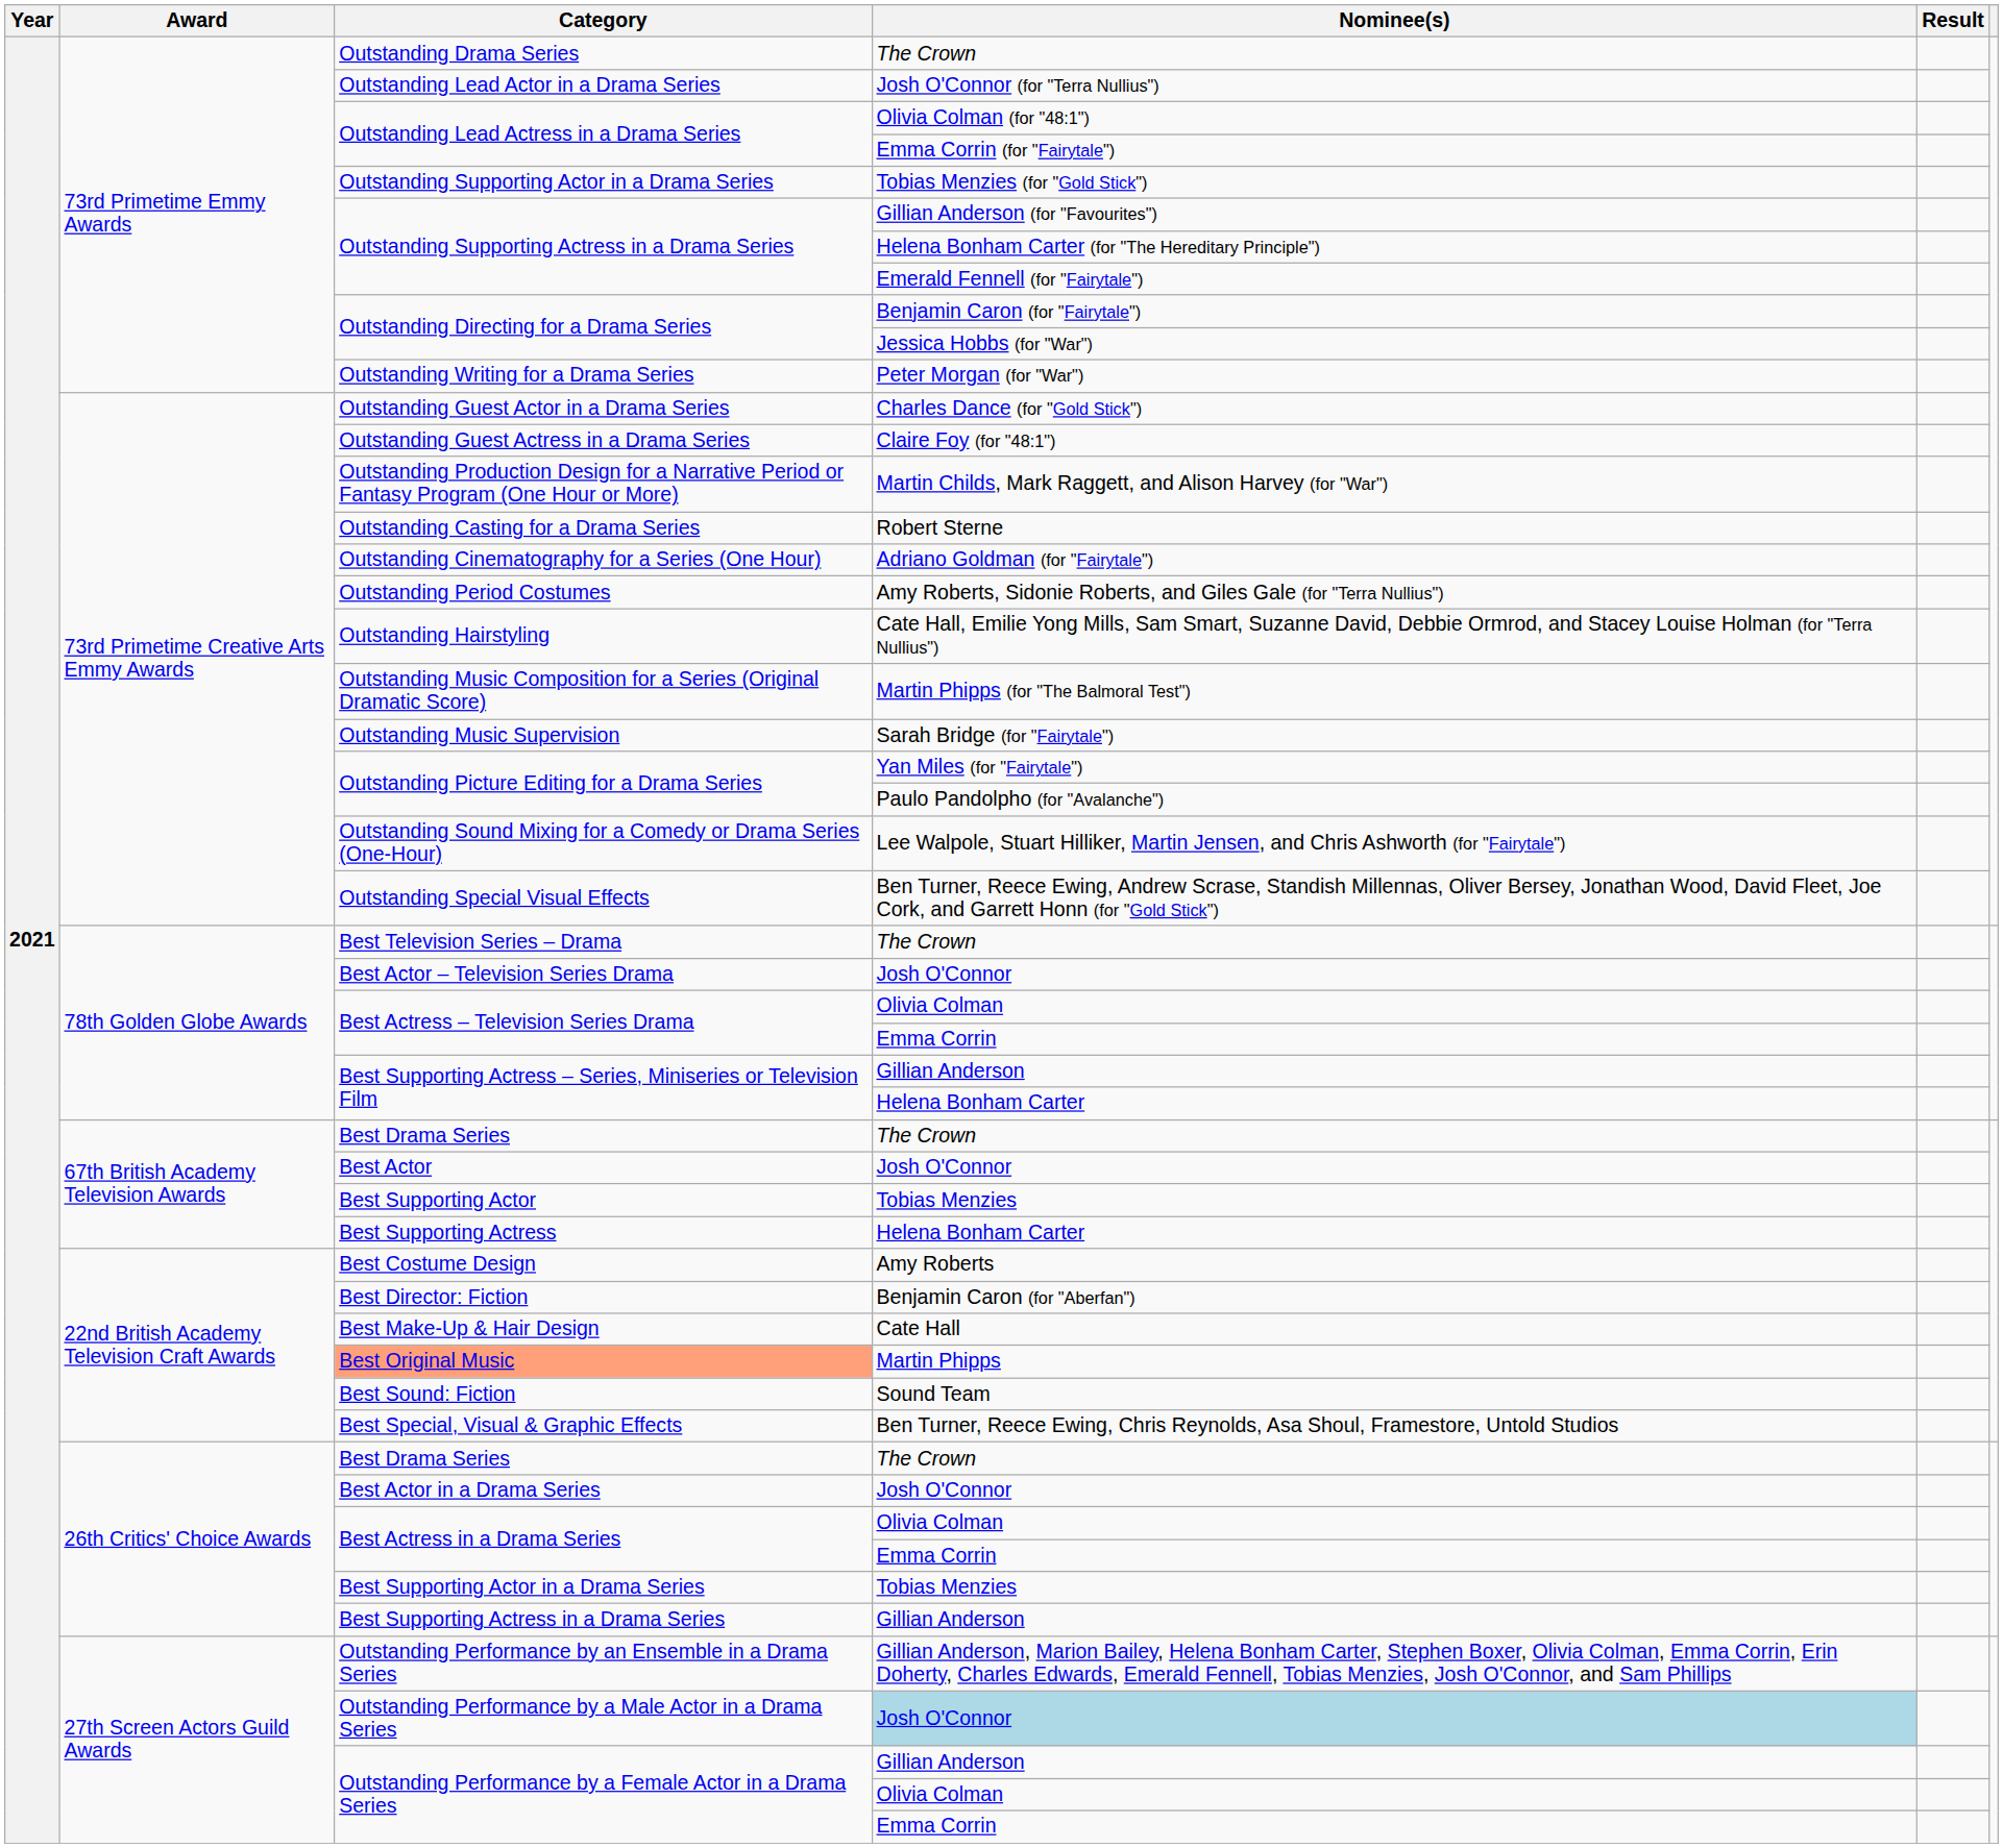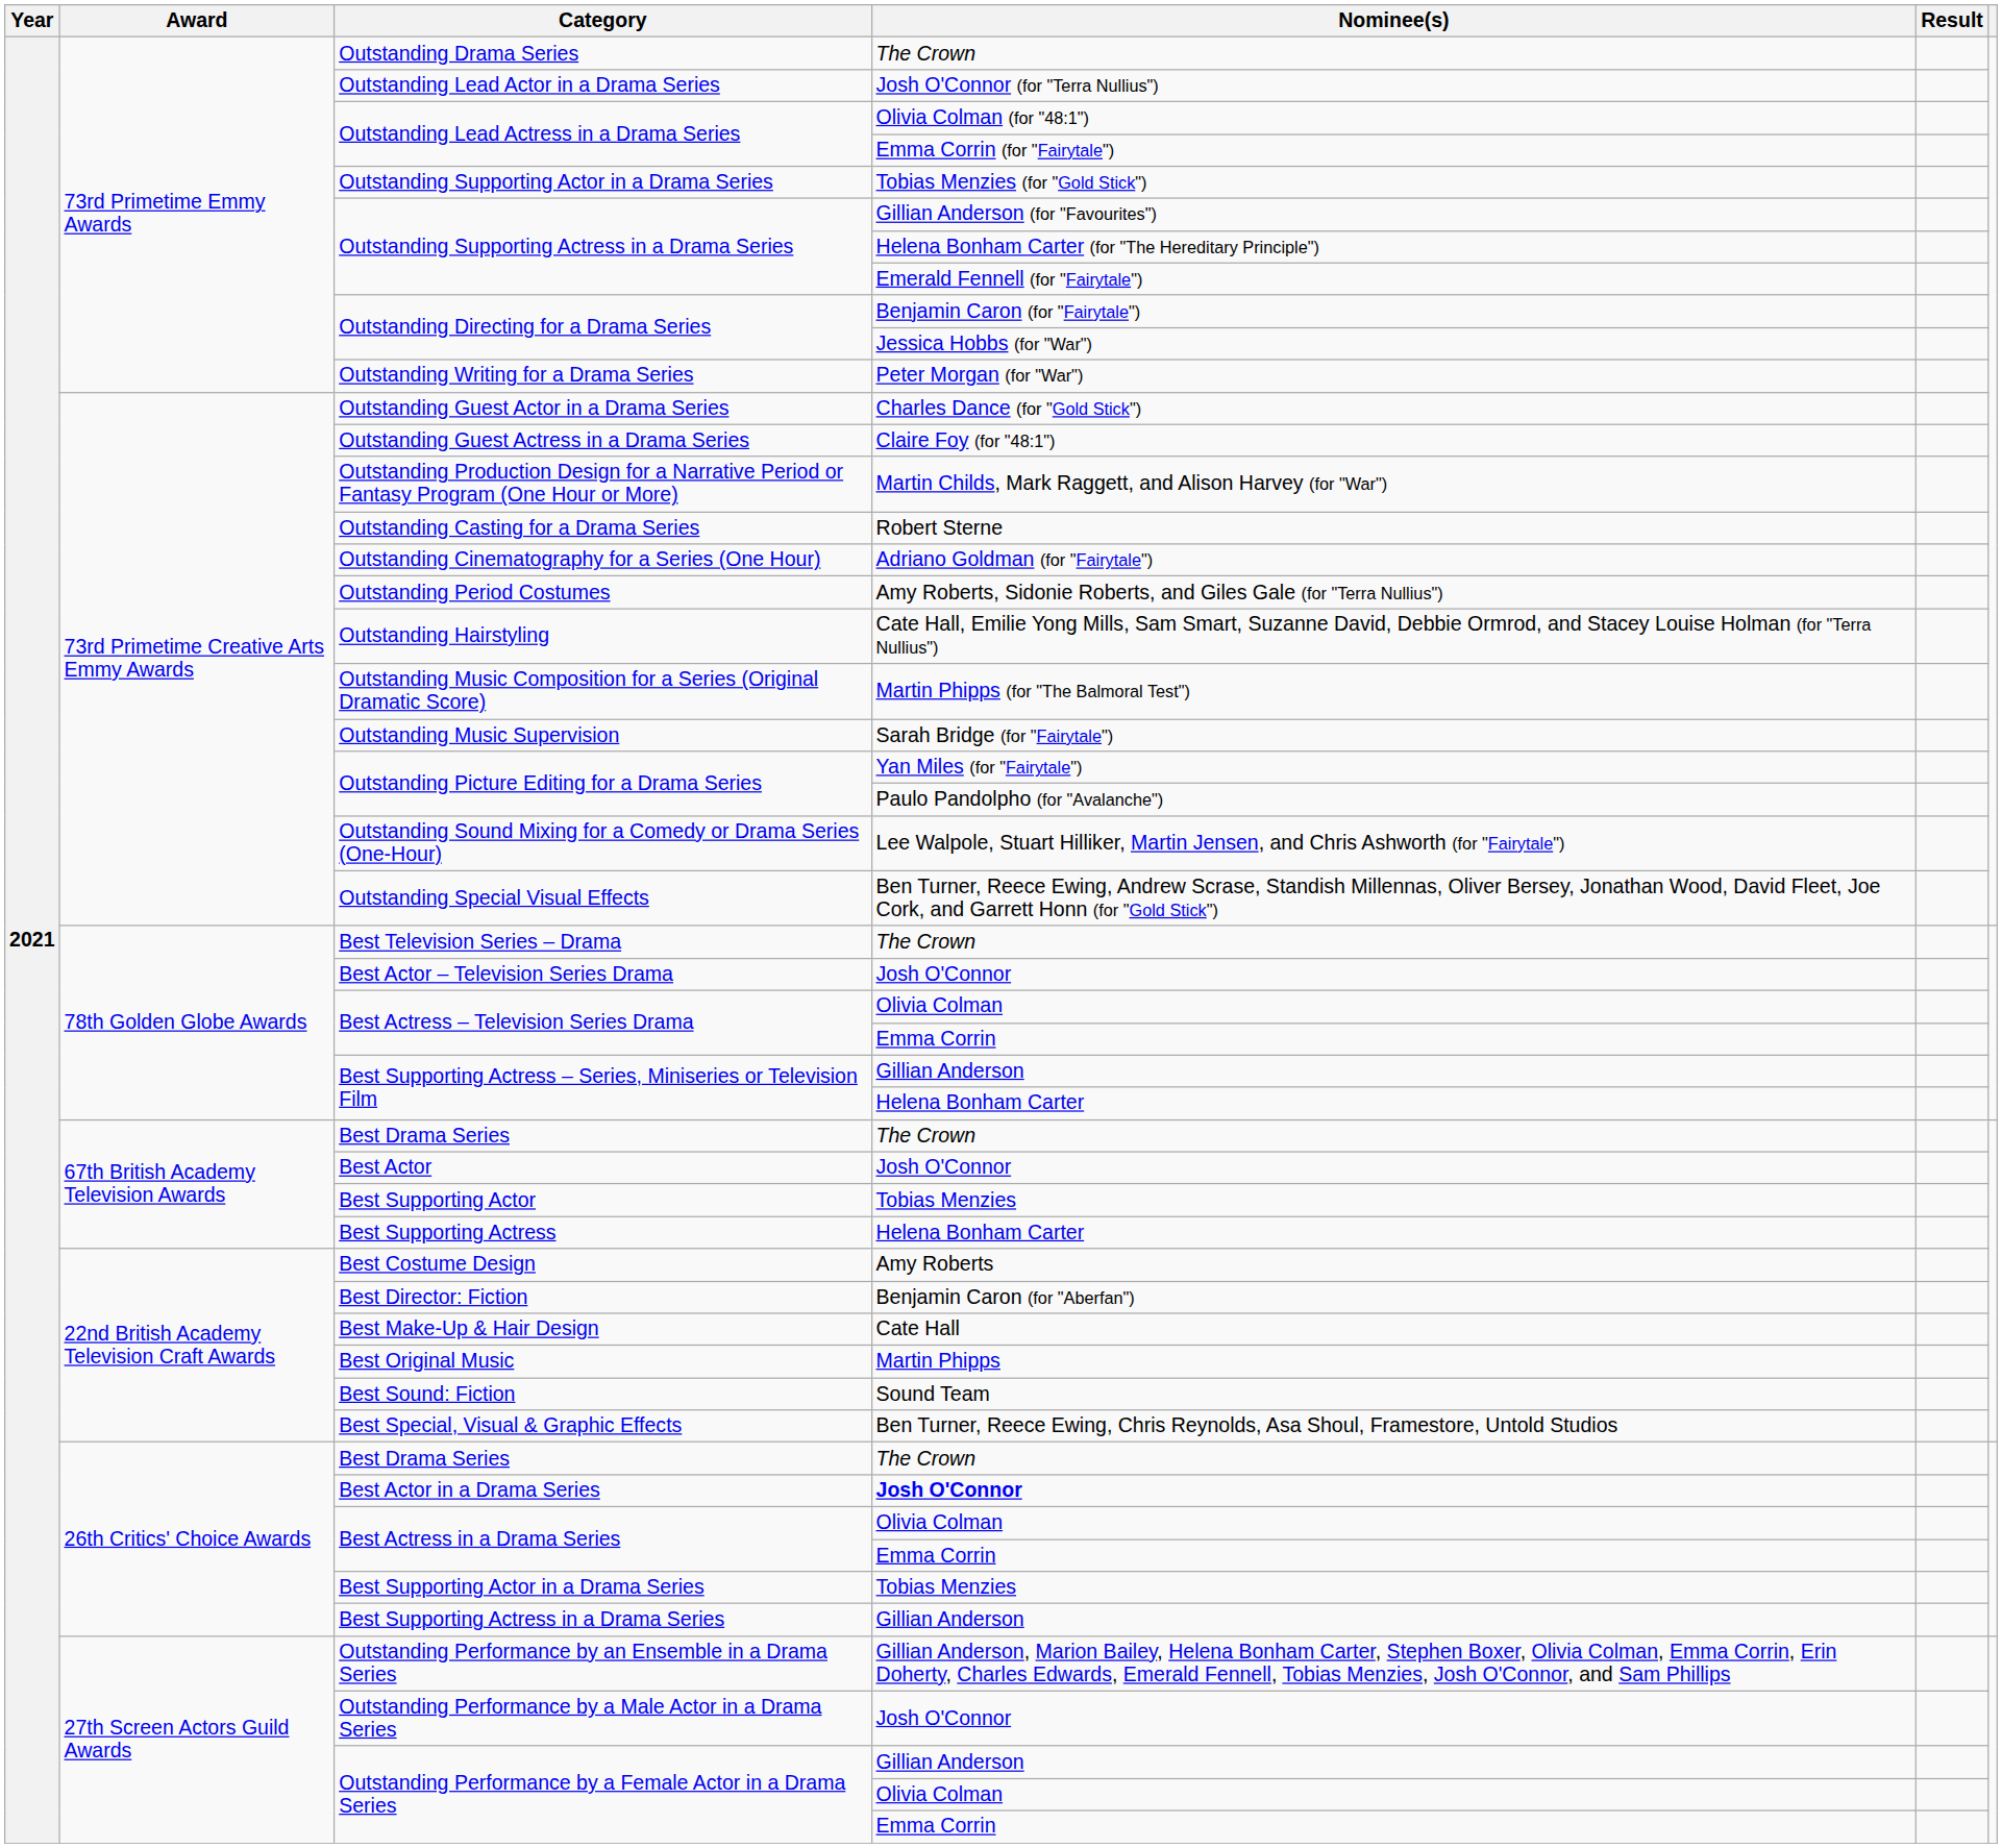 <table class="wikitable sortable plainrowheaders">
 <tr>
 <th class="unsortable" scope="col">Year</th>
 <th scope="col">Award</th>
 <th scope="col">Category</th>
 <th scope="col">Nominee(s)</th>
 <th scope="col">Result</th>
 <th class="unsortable" scope="col"></th>
 </tr>
 <tr>
 <th rowspan="51" scope="row">2021</th>
 <td rowspan="11"><a href='#'>73rd Primetime Emmy Awards</a></td>
 <td><a href='#'>Outstanding Drama Series</a></td>
 <td><em>The Crown</em></td>
 <td></td>
 <td rowspan="24" style="text-align:center"></td>
 </tr>
 <tr>
 <td><a href='#'>Outstanding Lead Actor in a Drama Series</a></td>
 <td><a href='#'>Josh O'Connor</a> <small>(for "Terra Nullius")</small></td>
 <td></td>
 </tr>
 <tr>
 <td rowspan="2"><a href='#'>Outstanding Lead Actress in a Drama Series</a></td>
 <td><a href='#'>Olivia Colman</a> <small>(for "48:1")</small></td>
 <td></td>
 </tr>
 <tr>
 <td><a href='#'>Emma Corrin</a> <small>(for "<a href='#'>Fairytale</a>")</small></td>
 <td></td>
 </tr>
 <tr>
 <td><a href='#'>Outstanding Supporting Actor in a Drama Series</a></td>
 <td><a href='#'>Tobias Menzies</a> <small>(for "<a href='#'>Gold Stick</a>")</small></td>
 <td></td>
 </tr>
 <tr>
 <td rowspan="3"><a href='#'>Outstanding Supporting Actress in a Drama Series</a></td>
 <td><a href='#'>Gillian Anderson</a> <small>(for "Favourites")</small></td>
 <td></td>
 </tr>
 <tr>
 <td><a href='#'>Helena Bonham Carter</a> <small>(for "The Hereditary Principle")</small></td>
 <td></td>
 </tr>
 <tr>
 <td><a href='#'>Emerald Fennell</a> <small>(for "<a href='#'>Fairytale</a>")</small></td>
 <td></td>
 </tr>
 <tr>
 <td rowspan="2"><a href='#'>Outstanding Directing for a Drama Series</a></td>
 <td><a href='#'>Benjamin Caron</a> <small>(for "<a href='#'>Fairytale</a>")</small></td>
 <td></td>
 </tr>
 <tr>
 <td><a href='#'>Jessica Hobbs</a> <small>(for "War")</small></td>
 <td></td>
 </tr>
 <tr>
 <td><a href='#'>Outstanding Writing for a Drama Series</a></td>
 <td><a href='#'>Peter Morgan</a> <small>(for "War")</small></td>
 <td></td>
 </tr>
 <tr>
 <td rowspan="13"><a href='#'>73rd Primetime Creative Arts Emmy Awards</a></td>
 <td><a href='#'>Outstanding Guest Actor in a Drama Series</a></td>
 <td><a href='#'>Charles Dance</a> <small>(for "<a href='#'>Gold Stick</a>")</small></td>
 <td></td>
 </tr>
 <tr>
 <td><a href='#'>Outstanding Guest Actress in a Drama Series</a></td>
 <td><a href='#'>Claire Foy</a> <small>(for "48:1")</small></td>
 <td></td>
 </tr>
 <tr>
 <td><a href='#'>Outstanding Production Design for a Narrative Period or Fantasy Program (One Hour or More)</a></td>
 <td><a href='#'>Martin Childs</a>, Mark Raggett, and Alison Harvey <small>(for "War")</small></td>
 <td></td>
 </tr>
 <tr>
 <td><a href='#'>Outstanding Casting for a Drama Series</a></td>
 <td>Robert Sterne</td>
 <td></td>
 </tr>
 <tr>
 <td><a href='#'>Outstanding Cinematography for a Series (One Hour)</a></td>
 <td><a href='#'>Adriano Goldman</a> <small>(for "<a href='#'>Fairytale</a>")</small></td>
 <td></td>
 </tr>
 <tr>
 <td><a href='#'>Outstanding Period Costumes</a></td>
 <td>Amy Roberts, Sidonie Roberts, and Giles Gale <small>(for "Terra Nullius")</small></td>
 <td></td>
 </tr>
 <tr>
 <td><a href='#'>Outstanding Hairstyling</a></td>
 <td>Cate Hall, Emilie Yong Mills, Sam Smart, Suzanne David, Debbie Ormrod, and Stacey Louise Holman <small>(for "Terra Nullius")</small></td>
 <td></td>
 </tr>
 <tr>
 <td><a href='#'>Outstanding Music Composition for a Series (Original Dramatic Score)</a></td>
 <td><a href='#'>Martin Phipps</a> <small>(for "The Balmoral Test")</small></td>
 <td></td>
 </tr>
 <tr>
 <td><a href='#'>Outstanding Music Supervision</a></td>
 <td>Sarah Bridge <small>(for "<a href='#'>Fairytale</a>")</small></td>
 <td></td>
 </tr>
 <tr>
 <td rowspan="2"><a href='#'>Outstanding Picture Editing for a Drama Series</a></td>
 <td><a href='#'>Yan Miles</a> <small>(for "<a href='#'>Fairytale</a>")</small></td>
 <td></td>
 </tr>
 <tr>
 <td>Paulo Pandolpho <small>(for "Avalanche")</small></td>
 <td></td>
 </tr>
 <tr>
 <td><a href='#'>Outstanding Sound Mixing for a Comedy or Drama Series (One-Hour)</a></td>
 <td>Lee Walpole, Stuart Hilliker, <a href='#'>Martin Jensen</a>, and Chris Ashworth <small>(for "<a href='#'>Fairytale</a>")</small></td>
 <td></td>
 </tr>
 <tr>
 <td><a href='#'>Outstanding Special Visual Effects</a></td>
 <td>Ben Turner, Reece Ewing, Andrew Scrase, Standish Millennas, Oliver Bersey, Jonathan Wood, David Fleet, Joe Cork, and Garrett Honn <small>(for "<a href='#'>Gold Stick</a>")</small></td>
 <td></td>
 </tr>
 <tr>
 <td rowspan="6"><a href='#'>78th Golden Globe Awards</a></td>
 <td><a href='#'>Best Television Series – Drama</a></td>
 <td><em>The Crown</em></td>
 <td></td>
 <td rowspan="6"></td>
 </tr>
 <tr>
 <td><a href='#'>Best Actor – Television Series Drama</a></td>
 <td><a href='#'>Josh O'Connor</a></td>
 <td></td>
 </tr>
 <tr>
 <td rowspan="2"><a href='#'>Best Actress – Television Series Drama</a></td>
 <td><a href='#'>Olivia Colman</a></td>
 <td></td>
 </tr>
 <tr>
 <td><a href='#'>Emma Corrin</a></td>
 <td></td>
 </tr>
 <tr>
 <td rowspan="2"><a href='#'>Best Supporting Actress – Series, Miniseries or Television Film</a></td>
 <td><a href='#'>Gillian Anderson</a></td>
 <td></td>
 </tr>
 <tr>
 <td><a href='#'>Helena Bonham Carter</a></td>
 <td></td>
 </tr>
 <tr>
 <td rowspan="4"><a href='#'>67th British Academy Television Awards</a></td>
 <td><a href='#'>Best Drama Series</a></td>
 <td><em>The Crown</em></td>
 <td></td>
 <td rowspan="10"></td>
 </tr>
 <tr>
 <td><a href='#'>Best Actor</a></td>
 <td><a href='#'>Josh O'Connor</a></td>
 <td></td>
 </tr>
 <tr>
 <td><a href='#'>Best Supporting Actor</a></td>
 <td><a href='#'>Tobias Menzies</a></td>
 <td></td>
 </tr>
 <tr>
 <td><a href='#'>Best Supporting Actress</a></td>
 <td><a href='#'>Helena Bonham Carter</a></td>
 <td></td>
 </tr>
 <tr>
 <td rowspan="6"><a href='#'>22nd British Academy Television Craft Awards</a></td>
 <td><a href='#'>Best Costume Design</a></td>
 <td>Amy Roberts</td>
 <td></td>
 </tr>
 <tr>
 <td><a href='#'>Best Director: Fiction</a></td>
 <td>Benjamin Caron <small>(for "Aberfan")</small></td>
 <td></td>
 </tr>
 <tr>
 <td><a href='#'>Best Make-Up & Hair Design</a></td>
 <td>Cate Hall</td>
 <td></td>
 </tr>
 <tr>
-<td style="background: lightsalmon;"><a href='#'>Best Original Music</a></td>
+<td><a href='#'>Best Original Music</a></td>
 <td><a href='#'>Martin Phipps</a></td>
 <td></td>
 </tr>
 <tr>
 <td><a href='#'>Best Sound: Fiction</a></td>
 <td>Sound Team</td>
 <td></td>
 </tr>
 <tr>
 <td><a href='#'>Best Special, Visual & Graphic Effects</a></td>
 <td>Ben Turner, Reece Ewing, Chris Reynolds, Asa Shoul, Framestore, Untold Studios</td>
 <td></td>
 </tr>
 <tr>
 <td rowspan="6"><a href='#'>26th Critics' Choice Awards</a></td>
 <td><a href='#'>Best Drama Series</a></td>
 <td><em>The Crown</em></td>
 <td></td>
 <td rowspan="6"></td>
 </tr>
 <tr>
 <td><a href='#'>Best Actor in a Drama Series</a></td>
-<td><a href='#'>Josh O'Connor</a></td>
+<td><strong><a href='#'>Josh O'Connor</a></strong></td>
 <td></td>
 </tr>
 <tr>
 <td rowspan="2"><a href='#'>Best Actress in a Drama Series</a></td>
 <td><a href='#'>Olivia Colman</a></td>
 <td></td>
 </tr>
 <tr>
 <td><a href='#'>Emma Corrin</a></td>
 <td></td>
 </tr>
 <tr>
 <td><a href='#'>Best Supporting Actor in a Drama Series</a></td>
 <td><a href='#'>Tobias Menzies</a></td>
 <td></td>
 </tr>
 <tr>
 <td><a href='#'>Best Supporting Actress in a Drama Series</a></td>
 <td><a href='#'>Gillian Anderson</a></td>
 <td></td>
 </tr>
 <tr>
 <td rowspan="5"><a href='#'>27th Screen Actors Guild Awards</a></td>
 <td><a href='#'>Outstanding Performance by an Ensemble in a Drama Series</a></td>
 <td><a href='#'>Gillian Anderson</a>, <a href='#'>Marion Bailey</a>, <a href='#'>Helena Bonham Carter</a>, <a href='#'>Stephen Boxer</a>, <a href='#'>Olivia Colman</a>, <a href='#'>Emma Corrin</a>, <a href='#'>Erin Doherty</a>, <a href='#'>Charles Edwards</a>, <a href='#'>Emerald Fennell</a>, <a href='#'>Tobias Menzies</a>, <a href='#'>Josh O'Connor</a>, and <a href='#'>Sam Phillips</a></td>
 <td></td>
 <td rowspan="5"></td>
 </tr>
 <tr>
 <td><a href='#'>Outstanding Performance by a Male Actor in a Drama Series</a></td>
-<td style="background: lightblue;"><a href='#'>Josh O'Connor</a></td>
+<td><a href='#'>Josh O'Connor</a></td>
 <td></td>
 </tr>
 <tr>
 <td rowspan="3"><a href='#'>Outstanding Performance by a Female Actor in a Drama Series</a></td>
 <td><a href='#'>Gillian Anderson</a></td>
 <td></td>
 </tr>
 <tr>
 <td><a href='#'>Olivia Colman</a></td>
 <td></td>
 </tr>
 <tr>
 <td><a href='#'>Emma Corrin</a></td>
 <td></td>
 </tr>
 </table>
